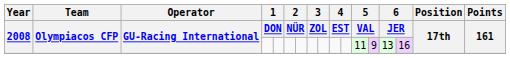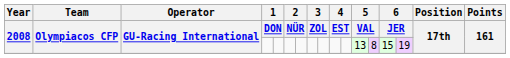 <table class="wikitable" style="text-align:center; font-size:85%">
 <tr>
 <th>Year</th>
 <th>Team</th>
 <th>Operator</th>
 <th colspan=2>1</th>
 <th colspan=2>2</th>
 <th colspan=2>3</th>
 <th colspan=2>4</th>
 <th colspan=2>5</th>
 <th colspan=2>6</th>
 <th>Position</th>
 <th>Points</th>
 </tr>
 <tr>
 <th rowspan=2><a href='#'>2008</a></th>
 <th rowspan=2><a href='#'>Olympiacos CFP</a></th>
 <th rowspan=2><a href='#'>GU-Racing International</a></th>
 <th colspan=2><a href='#'>DON</a></th>
 <th colspan=2><a href='#'>NÜR</a></th>
 <th colspan=2><a href='#'>ZOL</a></th>
 <th colspan=2><a href='#'>EST</a></th>
 <th colspan=2><a href='#'>VAL</a></th>
 <th colspan=2><a href='#'>JER</a></th>
 <th rowspan=2>17th</th>
 <th rowspan=2>161</th>
 </tr>
 <tr>
 <td></td>
 <td></td>
 <td></td>
 <td></td>
 <td></td>
 <td></td>
 <td></td>
 <td></td>
-<td style="background:#dfffdf;">11</td>
-<td style="background:#efcfff;">9</td>
 <td style="background:#dfffdf;">13</td>
-<td style="background:#efcfff;">16</td>
+<td style="background:#efcfff;">8</td>
+<td style="background:#dfffdf;">15</td>
+<td style="background:#efcfff;">19</td>
 </tr>
 <tr>
 </tr>
 </table>
